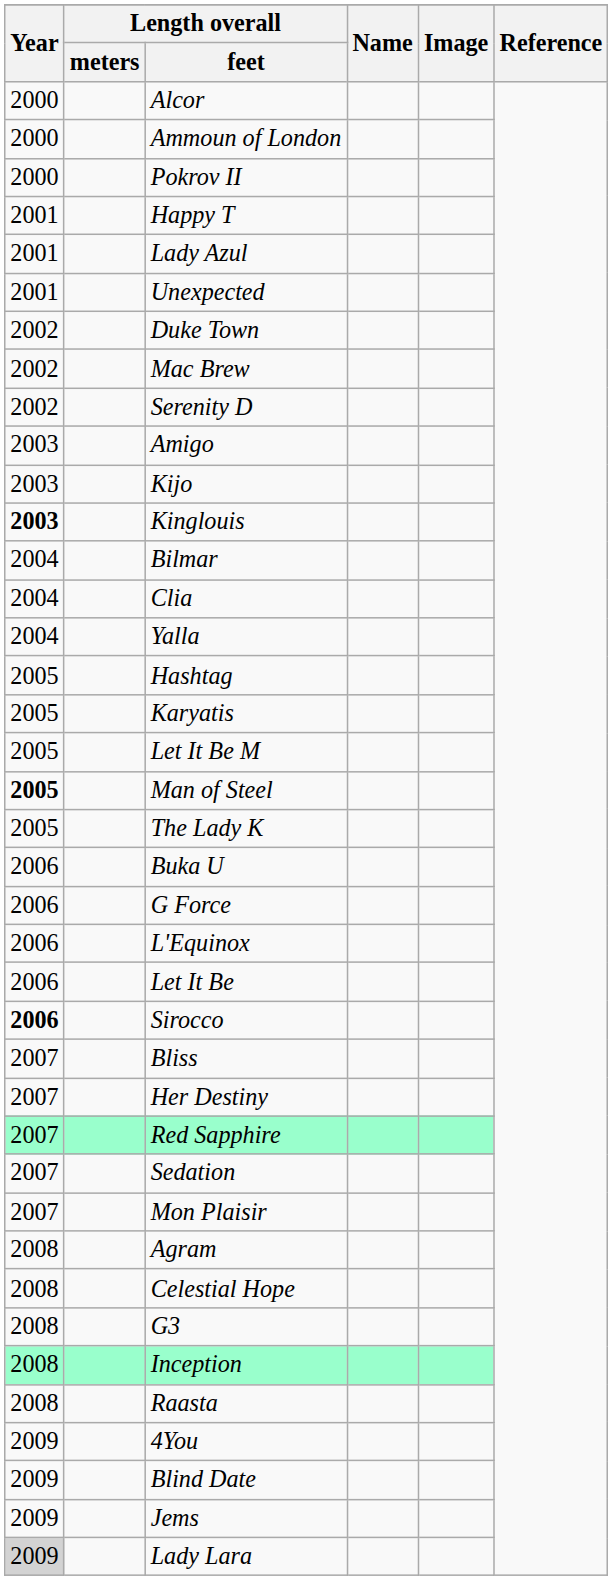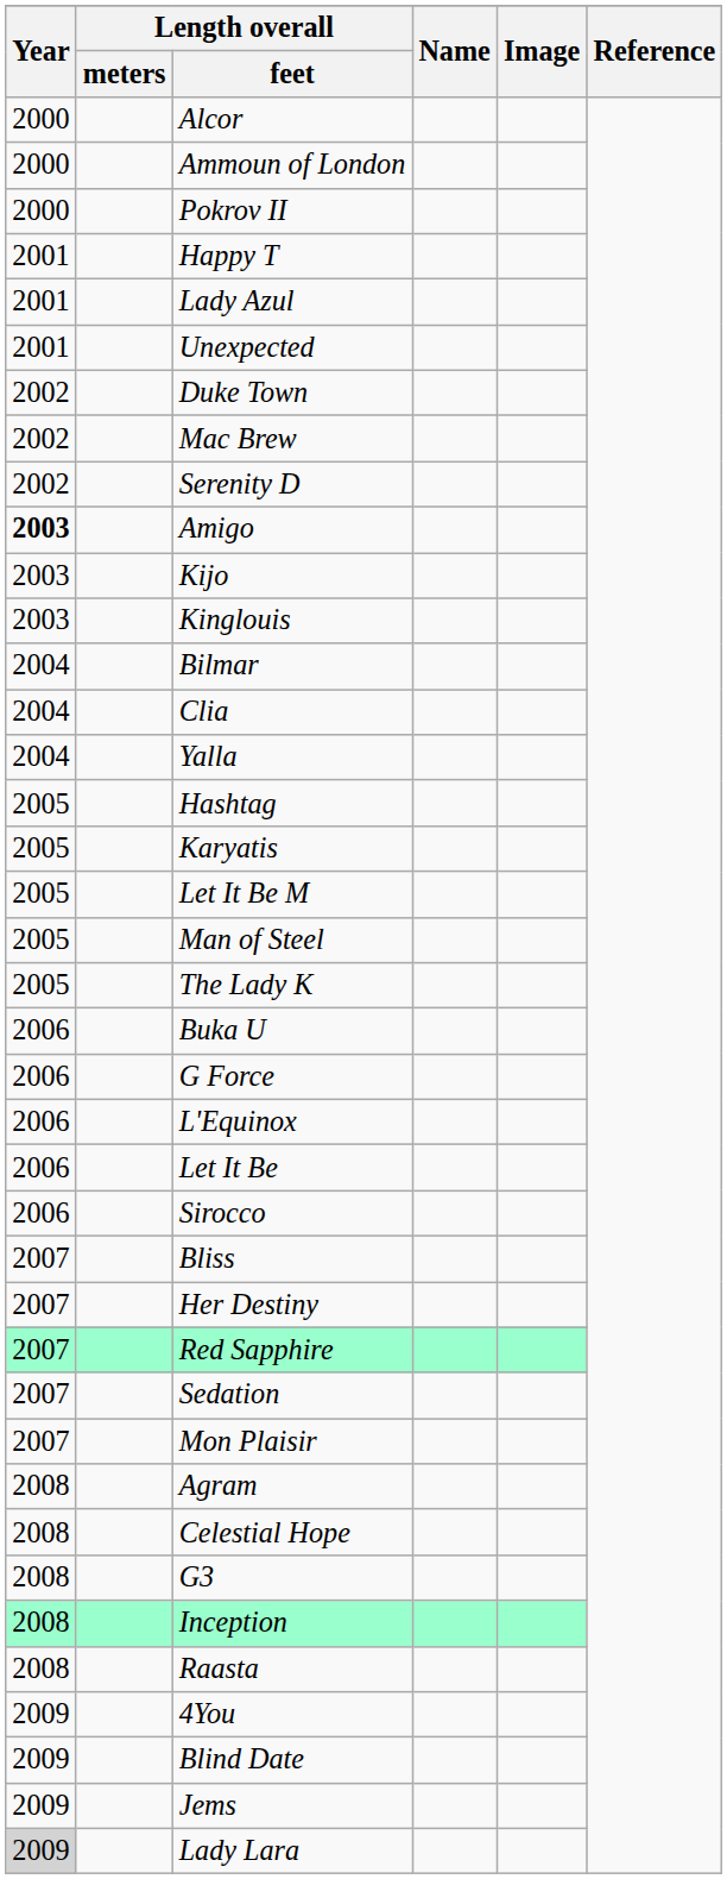 <table class="wikitable sortable">
 <tr>
 </tr>
 <tr>
 <th rowspan=2>Year</th>
 <th colspan=2>Length overall</th>
 <th rowspan=2>Name</th>
 <th rowspan=2>Image</th>
 <th rowspan=2>Reference</th>
 </tr>
 <tr>
 <th>meters</th>
 <th>feet</th>
 </tr>
 <tr>
 <td>2000</td>
 <td></td>
 <td><em>Alcor</em></td>
 <td></td>
 <td></td>
 </tr>
 <tr>
 <td>2000</td>
 <td></td>
 <td><em>Ammoun of London</em></td>
 <td></td>
 <td></td>
 </tr>
 <tr>
 <td>2000</td>
 <td></td>
 <td><em>Pokrov II</em></td>
 <td></td>
 <td></td>
 </tr>
 <tr>
 <td>2001</td>
 <td></td>
 <td><em>Happy T</em></td>
 <td></td>
 <td></td>
 </tr>
 <tr>
 <td>2001</td>
 <td></td>
 <td><em>Lady Azul</em></td>
 <td></td>
 <td></td>
 </tr>
 <tr>
 <td>2001</td>
 <td></td>
 <td><em>Unexpected</em></td>
 <td></td>
 <td></td>
 </tr>
 <tr>
 <td>2002</td>
 <td></td>
 <td><em>Duke Town</em></td>
 <td></td>
 <td></td>
 </tr>
 <tr>
 <td>2002</td>
 <td></td>
 <td><em>Mac Brew</em></td>
 <td></td>
 <td></td>
 </tr>
 <tr>
 <td>2002</td>
 <td></td>
 <td><em>Serenity D</em></td>
 <td></td>
 <td></td>
 </tr>
 <tr>
-<td>2003</td>
+<td><strong>2003</strong></td>
 <td></td>
 <td><em>Amigo</em></td>
 <td></td>
 <td></td>
 </tr>
 <tr>
 <td>2003</td>
 <td></td>
 <td><em>Kijo</em></td>
 <td></td>
 <td></td>
 </tr>
 <tr>
-<td><strong>2003</strong></td>
+<td>2003</td>
 <td></td>
 <td><em>Kinglouis</em></td>
 <td></td>
 <td></td>
 </tr>
 <tr>
 <td>2004</td>
 <td></td>
 <td><em>Bilmar</em></td>
 <td></td>
 <td></td>
 </tr>
 <tr>
 <td>2004</td>
 <td></td>
 <td><em>Clia</em></td>
 <td></td>
 <td></td>
 </tr>
 <tr>
 <td>2004</td>
 <td></td>
 <td><em>Yalla</em></td>
 <td></td>
 <td></td>
 </tr>
 <tr>
 <td>2005</td>
 <td></td>
 <td><em>Hashtag</em></td>
 <td></td>
 <td></td>
 </tr>
 <tr>
 <td>2005</td>
 <td></td>
 <td><em>Karyatis</em></td>
 <td></td>
 <td></td>
 </tr>
 <tr>
 <td>2005</td>
 <td></td>
 <td><em>Let It Be M</em></td>
 <td></td>
 <td></td>
 </tr>
 <tr>
-<td><strong>2005</strong></td>
+<td>2005</td>
 <td></td>
 <td><em>Man of Steel</em></td>
 <td></td>
 <td></td>
 </tr>
 <tr>
 <td>2005</td>
 <td></td>
 <td><em>The Lady K</em></td>
 <td></td>
 <td></td>
 </tr>
 <tr>
 <td>2006</td>
 <td></td>
 <td><em>Buka U</em></td>
 <td></td>
 <td></td>
 </tr>
 <tr>
 <td>2006</td>
 <td></td>
 <td><em>G Force</em></td>
 <td></td>
 <td></td>
 </tr>
 <tr>
 <td>2006</td>
 <td></td>
 <td><em>L'Equinox</em></td>
 <td></td>
 <td></td>
 </tr>
 <tr>
 <td>2006</td>
 <td></td>
 <td><em>Let It Be</em></td>
 <td></td>
 <td></td>
 </tr>
 <tr>
-<td><strong>2006</strong></td>
+<td>2006</td>
 <td></td>
 <td><em>Sirocco</em></td>
 <td></td>
 <td></td>
 </tr>
 <tr>
 <td>2007</td>
 <td></td>
 <td><em>Bliss</em></td>
 <td></td>
 <td></td>
 </tr>
 <tr>
 <td>2007</td>
 <td></td>
 <td><em>Her Destiny</em></td>
 <td></td>
 <td></td>
 </tr>
 <tr style="background:#9fc;">
 <td>2007</td>
 <td></td>
 <td><em>Red Sapphire</em></td>
 <td></td>
 <td></td>
 </tr>
 <tr>
 <td>2007</td>
 <td></td>
 <td><em>Sedation</em></td>
 <td></td>
 <td></td>
 </tr>
 <tr>
 <td>2007</td>
 <td></td>
 <td><em>Mon Plaisir</em></td>
 <td></td>
 <td></td>
 </tr>
 <tr>
 <td>2008</td>
 <td></td>
 <td><em>Agram</em></td>
 <td></td>
 <td></td>
 </tr>
 <tr>
 <td>2008</td>
 <td></td>
 <td><em>Celestial Hope</em></td>
 <td></td>
 <td></td>
 </tr>
 <tr>
 <td>2008</td>
 <td></td>
 <td><em>G3</em></td>
 <td></td>
 <td></td>
 </tr>
 <tr style="background:#9fc;">
 <td>2008</td>
 <td></td>
 <td><em>Inception</em></td>
 <td></td>
 <td></td>
 </tr>
 <tr>
 <td>2008</td>
 <td></td>
 <td><em>Raasta</em></td>
 <td></td>
 <td></td>
 </tr>
 <tr>
 <td>2009</td>
 <td></td>
 <td><em>4You</em></td>
 <td></td>
 <td></td>
 </tr>
 <tr>
 <td>2009</td>
 <td></td>
 <td><em>Blind Date</em></td>
 <td></td>
 <td></td>
 </tr>
 <tr>
 <td>2009</td>
 <td></td>
 <td><em>Jems</em></td>
 <td></td>
 <td></td>
 </tr>
 <tr>
 <td style="background: lightgrey;">2009</td>
 <td></td>
 <td><em>Lady Lara</em></td>
 <td></td>
 <td></td>
 </tr>
 </table>
